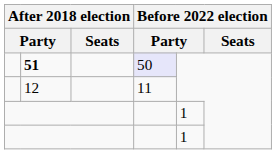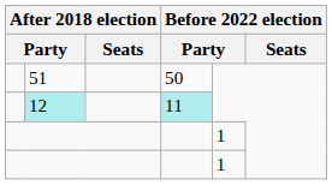 <table class="wikitable">
 <tr>
 <th colspan="3">After 2018 election</th>
 <th colspan="3">Before 2022 election</th>
 </tr>
 <tr>
 <th colspan="2">Party</th>
 <th>Seats</th>
 <th colspan="2">Party</th>
 <th>Seats</th>
 </tr>
 <tr>
 <td></td>
-<td><strong>51</strong></td>
+<td>51</td>
 <td></td>
-<td style="background: lavender;">50</td>
+<td>50</td>
 </tr>
 <tr>
 <td></td>
-<td>12</td>
+<td style="background: paleturquoise;">12</td>
 <td></td>
-<td>11</td>
+<td style="background: paleturquoise;">11</td>
 </tr>
 <tr>
 <td colspan="3"></td>
 <td></td>
 <td>1</td>
 </tr>
 <tr>
 <td colspan="3"></td>
 <td></td>
 <td>1</td>
 </tr>
 </table>
